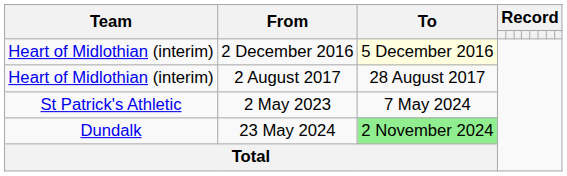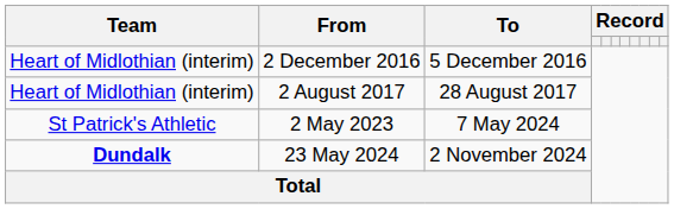 <table class="wikitable" style="text-align: center">
 <tr>
 <th rowspan="2">Team</th>
 <th rowspan="2">From</th>
 <th rowspan="2">To</th>
 <th colspan="8">Record</th>
 </tr>
 <tr>
 <th></th>
 <th></th>
 <th></th>
 <th></th>
 <th></th>
 <th></th>
 <th></th>
 <th></th>
 </tr>
 <tr>
 <td><a href='#'>Heart of Midlothian</a> (interim)</td>
 <td>2 December 2016</td>
-<td style="background: lightyellow;">5 December 2016<br></td>
+<td>5 December 2016<br></td>
 </tr>
 <tr>
 <td><a href='#'>Heart of Midlothian</a> (interim)</td>
 <td>2 August 2017</td>
 <td>28 August 2017<br></td>
 </tr>
 <tr>
 <td><a href='#'>St Patrick's Athletic</a></td>
 <td>2 May 2023</td>
 <td>7 May 2024<br></td>
 </tr>
 <tr>
-<td><a href='#'>Dundalk</a></td>
+<td><strong><a href='#'>Dundalk</a></strong></td>
 <td>23 May 2024</td>
-<td style="background: lightgreen;">2 November 2024<br></td>
+<td>2 November 2024<br></td>
 </tr>
 <tr>
 <th colspan="3">Total<br></th>
 </tr>
 </table>
